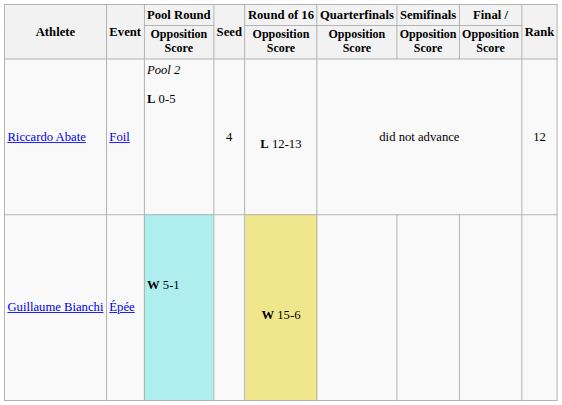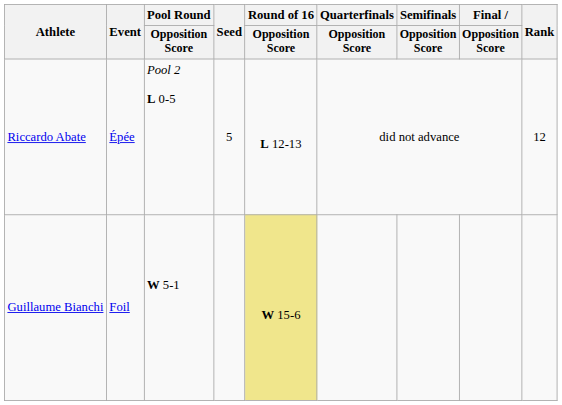 <table class=wikitable style="font-size:90%">
 <tr>
 <th rowspan="2">Athlete</th>
 <th rowspan="2">Event</th>
 <th>Pool Round</th>
 <th rowspan="2">Seed</th>
 <th>Round of 16</th>
 <th>Quarterfinals</th>
 <th>Semifinals</th>
 <th>Final / </th>
 <th rowspan=2>Rank</th>
 </tr>
 <tr style="font-size:95%">
 <th>Opposition<br>Score</th>
 <th>Opposition<br>Score</th>
 <th>Opposition<br>Score</th>
 <th>Opposition<br>Score</th>
 <th>Opposition<br>Score</th>
 </tr>
 <tr align=center>
 <td align=left><a href='#'>Riccardo Abate</a></td>
-<td align=left><a href='#'>Foil</a></td>
+<td align=left><a href='#'>Épée</a></td>
 <td align=left><em>Pool 2</em><br><br><strong>L</strong> 0-5<br><br> <br><br> <br><br> <br><br></td>
-<td>4</td>
+<td>5</td>
 <td><br><strong>L</strong> 12-13</td>
 <td colspan=3>did not advance</td>
 <td>12</td>
 </tr>
 <tr align=center>
 <td align=left><a href='#'>Guillaume Bianchi</a></td>
-<td align=left><a href='#'>Épée</a></td>
-<td align=left style="background: paleturquoise;"><br><br> <br><br><strong>W</strong> 5-1<br><br> <br><br> <br><br> <br><br></td>
+<td align=left><a href='#'>Foil</a></td>
+<td align=left><br><br> <br><br><strong>W</strong> 5-1<br><br> <br><br> <br><br> <br><br></td>
 <td></td>
 <td style="background: khaki;"><br><strong>W</strong> 15-6</td>
 <td></td>
 <td></td>
 <td></td>
 <td></td>
 </tr>
 </table>
